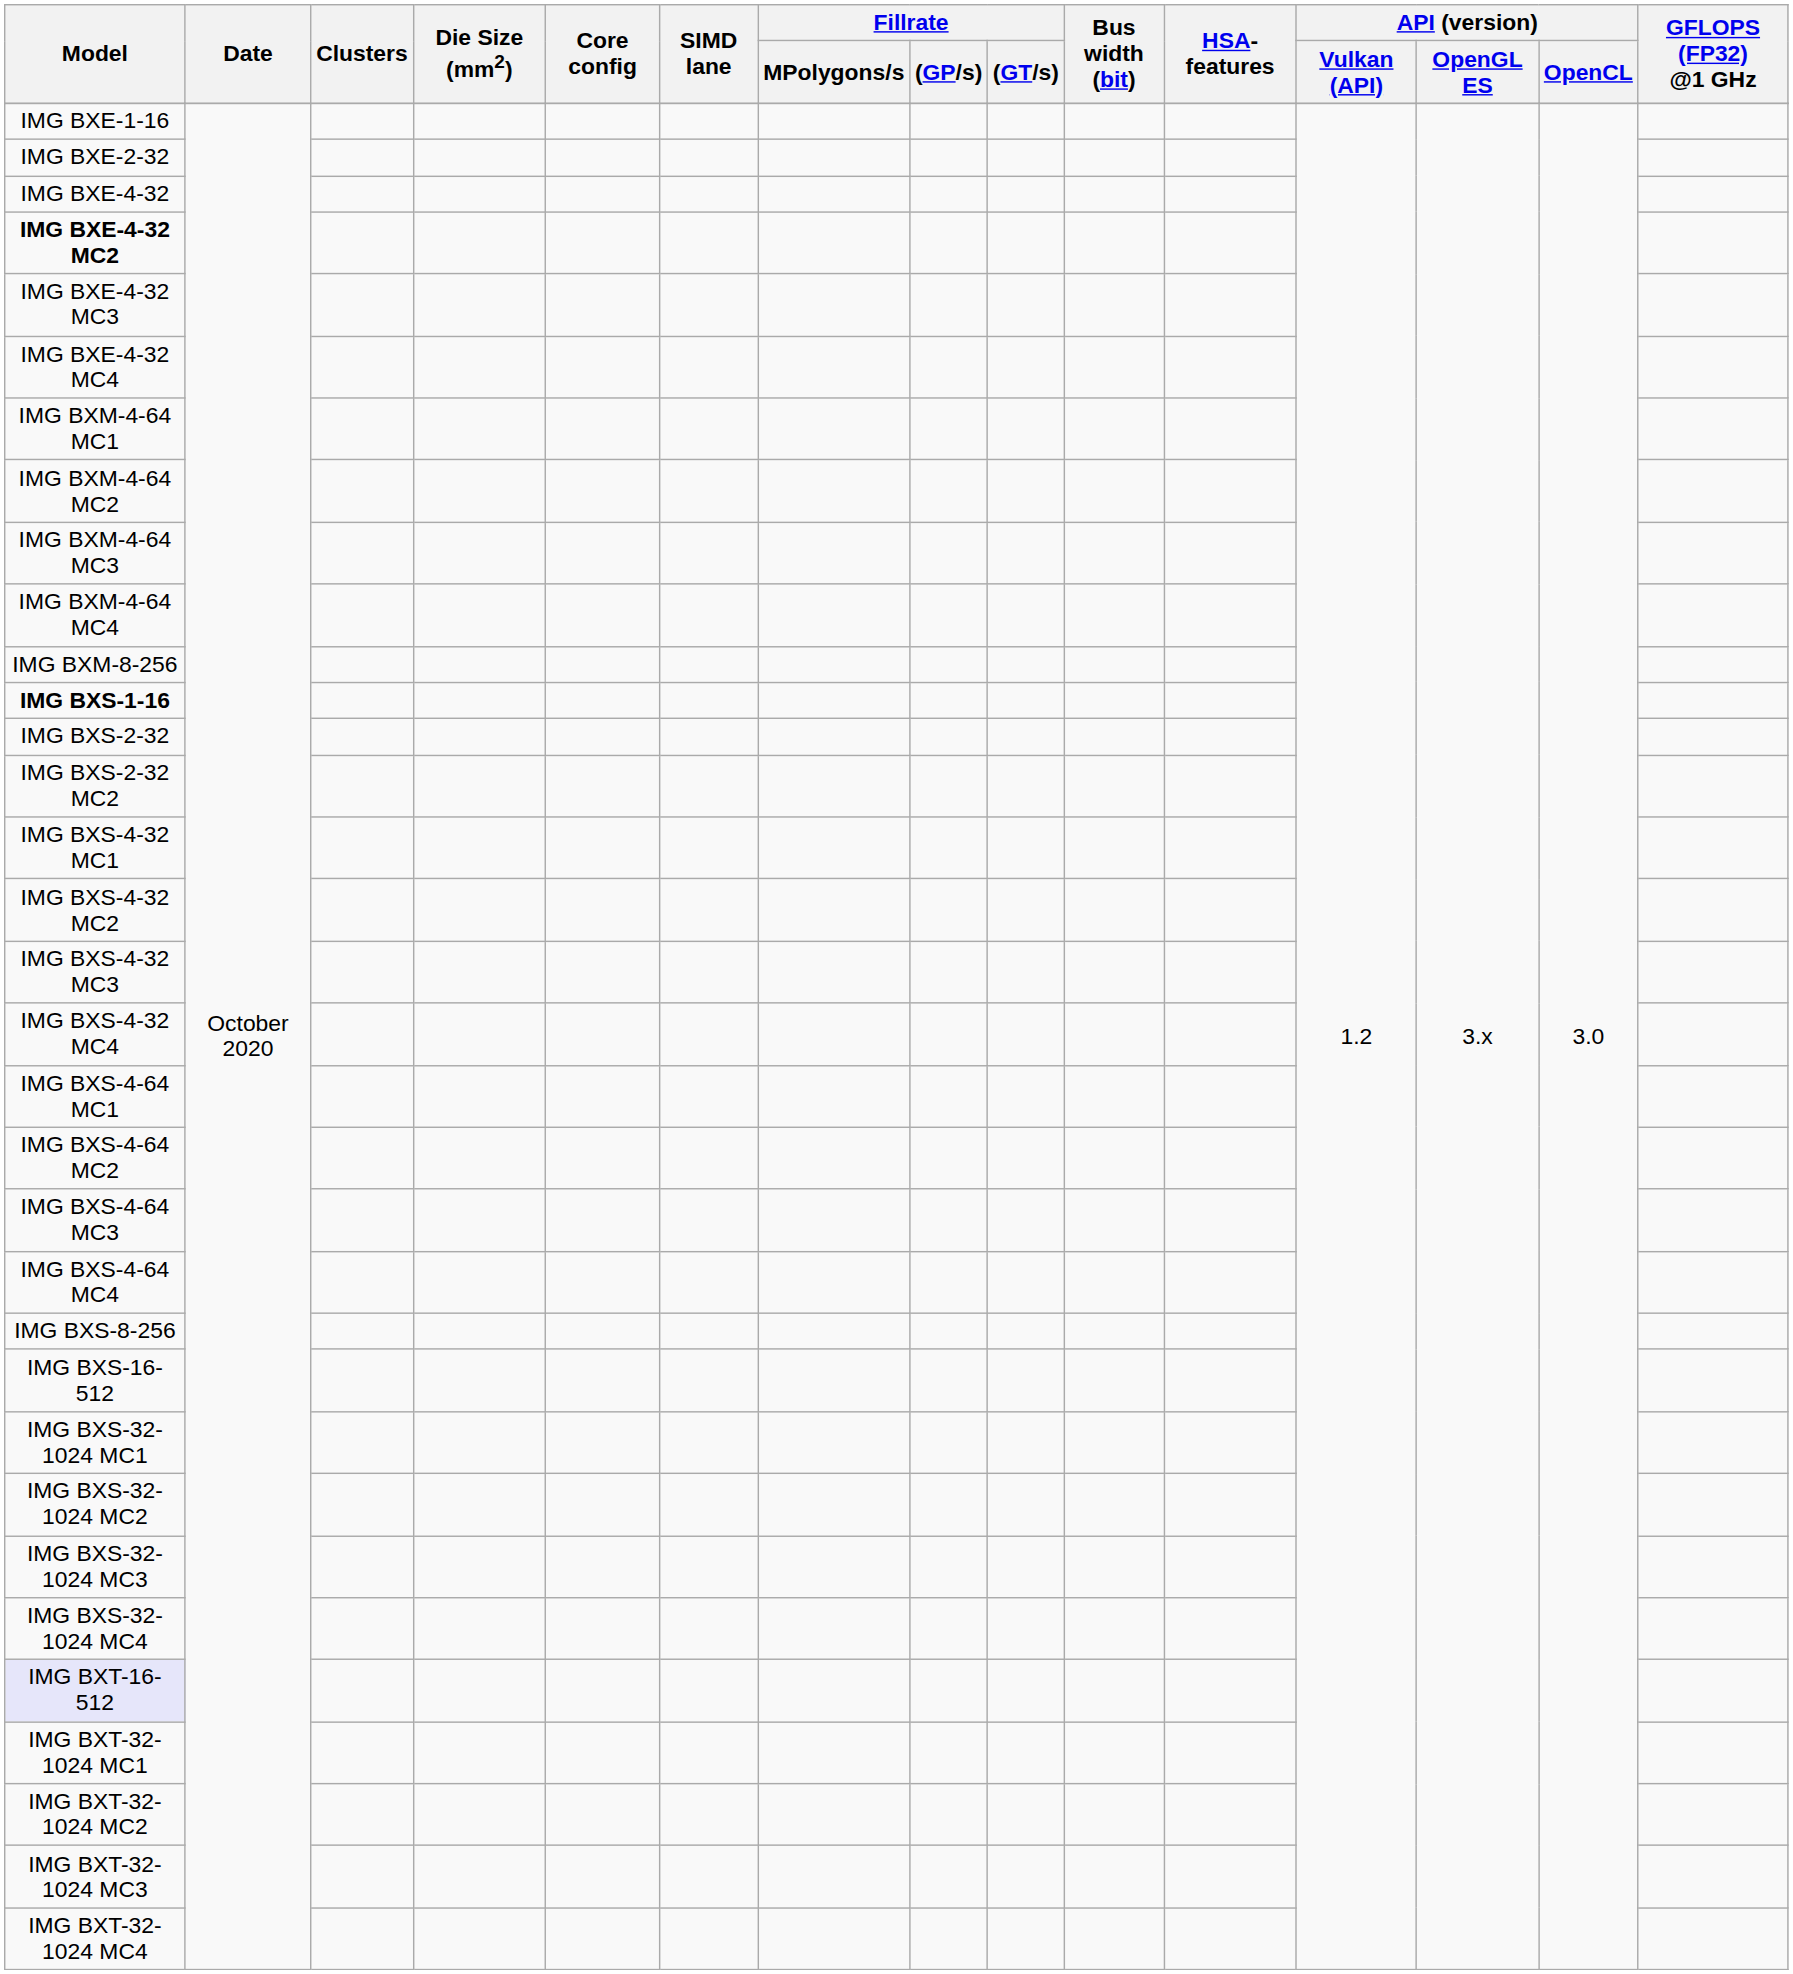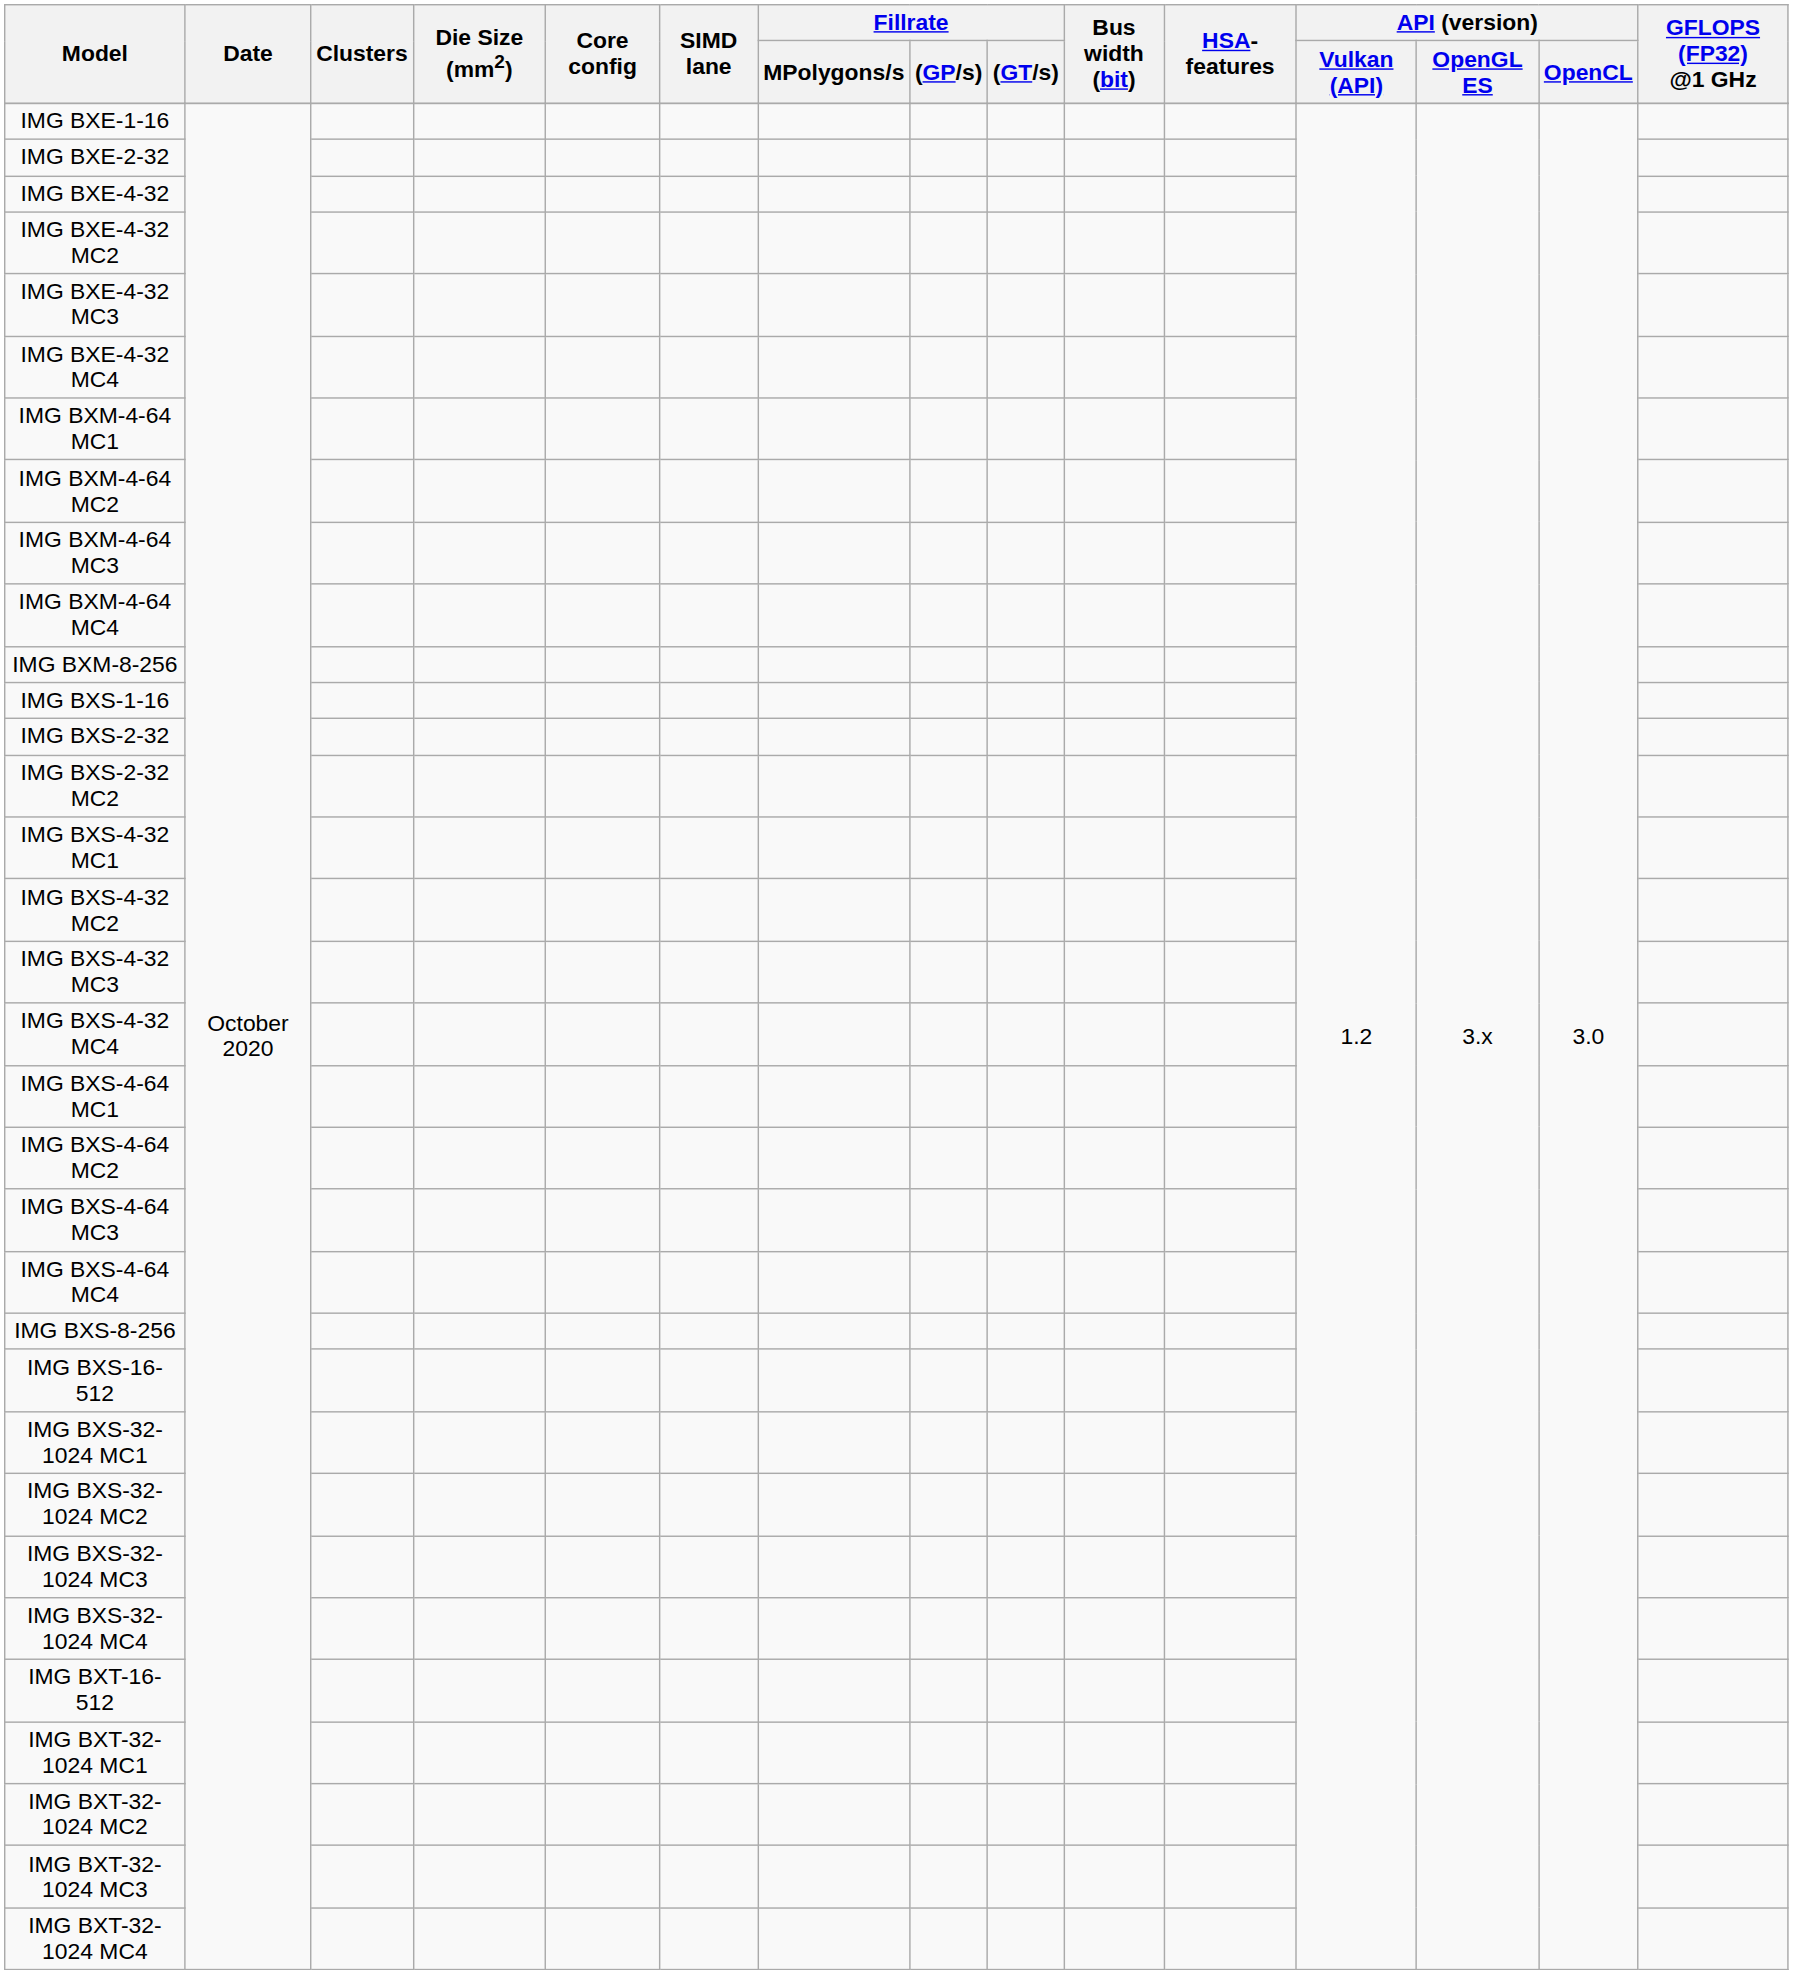 <table class="wikitable" style="text-align: center;">
 <tr>
 <th rowspan="2">Model</th>
 <th rowspan="2">Date</th>
 <th rowspan="2">Clusters</th>
 <th rowspan="2">Die Size (mm<sup>2</sup>)</th>
 <th rowspan="2">Core config</th>
 <th rowspan="2">SIMD lane</th>
 <th colspan="3"><a href='#'>Fillrate</a></th>
 <th rowspan="2">Bus width<br>(<a href='#'>bit</a>)</th>
 <th rowspan="2"><a href='#'>HSA</a>-features</th>
 <th colspan="3"><a href='#'>API</a> (version)</th>
 <th rowspan="2"><a href='#'>GFLOPS (FP32)</a><br>@1 GHz</th>
 </tr>
 <tr>
 <th>MPolygons/s</th>
 <th>(<a href='#'>GP</a>/s)</th>
 <th>(<a href='#'>GT</a>/s)</th>
 <th><a href='#'>Vulkan (API)</a></th>
 <th><a href='#'>OpenGL ES</a></th>
 <th><a href='#'>OpenCL</a></th>
 </tr>
 <tr>
 </tr>
 <tr>
 <td>IMG BXE-1-16</td>
 <td rowspan="33">October 2020</td>
 <td></td>
 <td></td>
 <td></td>
 <td></td>
 <td></td>
 <td></td>
 <td></td>
 <td></td>
 <td></td>
 <td rowspan="33">1.2</td>
 <td rowspan="33">3.x</td>
 <td rowspan="33">3.0</td>
 <td></td>
 </tr>
 <tr>
 <td>IMG BXE-2-32</td>
 <td></td>
 <td></td>
 <td></td>
 <td></td>
 <td></td>
 <td></td>
 <td></td>
 <td></td>
 <td></td>
 <td></td>
 </tr>
 <tr>
 <td>IMG BXE-4-32</td>
 <td></td>
 <td></td>
 <td></td>
 <td></td>
 <td></td>
 <td></td>
 <td></td>
 <td></td>
 <td></td>
 <td></td>
 </tr>
 <tr>
-<td><strong>IMG BXE-4-32 MC2</strong></td>
+<td>IMG BXE-4-32 MC2</td>
 <td></td>
 <td></td>
 <td></td>
 <td></td>
 <td></td>
 <td></td>
 <td></td>
 <td></td>
 <td></td>
 <td></td>
 </tr>
 <tr>
 <td>IMG BXE-4-32 MC3</td>
 <td></td>
 <td></td>
 <td></td>
 <td></td>
 <td></td>
 <td></td>
 <td></td>
 <td></td>
 <td></td>
 <td></td>
 </tr>
 <tr>
 <td>IMG BXE-4-32 MC4</td>
 <td></td>
 <td></td>
 <td></td>
 <td></td>
 <td></td>
 <td></td>
 <td></td>
 <td></td>
 <td></td>
 <td></td>
 </tr>
 <tr>
 <td>IMG BXM-4-64 MC1</td>
 <td></td>
 <td></td>
 <td></td>
 <td></td>
 <td></td>
 <td></td>
 <td></td>
 <td></td>
 <td></td>
 <td></td>
 </tr>
 <tr>
 <td>IMG BXM-4-64 MC2</td>
 <td></td>
 <td></td>
 <td></td>
 <td></td>
 <td></td>
 <td></td>
 <td></td>
 <td></td>
 <td></td>
 <td></td>
 </tr>
 <tr>
 <td>IMG BXM-4-64 MC3</td>
 <td></td>
 <td></td>
 <td></td>
 <td></td>
 <td></td>
 <td></td>
 <td></td>
 <td></td>
 <td></td>
 <td></td>
 </tr>
 <tr>
 <td>IMG BXM-4-64 MC4</td>
 <td></td>
 <td></td>
 <td></td>
 <td></td>
 <td></td>
 <td></td>
 <td></td>
 <td></td>
 <td></td>
 <td></td>
 </tr>
 <tr>
 <td>IMG BXM-8-256</td>
 <td></td>
 <td></td>
 <td></td>
 <td></td>
 <td></td>
 <td></td>
 <td></td>
 <td></td>
 <td></td>
 <td></td>
 </tr>
 <tr>
-<td><strong>IMG BXS-1-16</strong></td>
+<td>IMG BXS-1-16</td>
 <td></td>
 <td></td>
 <td></td>
 <td></td>
 <td></td>
 <td></td>
 <td></td>
 <td></td>
 <td></td>
 <td></td>
 </tr>
 <tr>
 <td>IMG BXS-2-32</td>
 <td></td>
 <td></td>
 <td></td>
 <td></td>
 <td></td>
 <td></td>
 <td></td>
 <td></td>
 <td></td>
 <td></td>
 </tr>
 <tr>
 <td>IMG BXS-2-32 MC2</td>
 <td></td>
 <td></td>
 <td></td>
 <td></td>
 <td></td>
 <td></td>
 <td></td>
 <td></td>
 <td></td>
 <td></td>
 </tr>
 <tr>
 <td>IMG BXS-4-32 MC1</td>
 <td></td>
 <td></td>
 <td></td>
 <td></td>
 <td></td>
 <td></td>
 <td></td>
 <td></td>
 <td></td>
 <td></td>
 </tr>
 <tr>
 <td>IMG BXS-4-32 MC2</td>
 <td></td>
 <td></td>
 <td></td>
 <td></td>
 <td></td>
 <td></td>
 <td></td>
 <td></td>
 <td></td>
 <td></td>
 </tr>
 <tr>
 <td>IMG BXS-4-32 MC3</td>
 <td></td>
 <td></td>
 <td></td>
 <td></td>
 <td></td>
 <td></td>
 <td></td>
 <td></td>
 <td></td>
 <td></td>
 </tr>
 <tr>
 <td>IMG BXS-4-32 MC4</td>
 <td></td>
 <td></td>
 <td></td>
 <td></td>
 <td></td>
 <td></td>
 <td></td>
 <td></td>
 <td></td>
 <td></td>
 </tr>
 <tr>
 <td>IMG BXS-4-64 MC1</td>
 <td></td>
 <td></td>
 <td></td>
 <td></td>
 <td></td>
 <td></td>
 <td></td>
 <td></td>
 <td></td>
 <td></td>
 </tr>
 <tr>
 <td>IMG BXS-4-64 MC2</td>
 <td></td>
 <td></td>
 <td></td>
 <td></td>
 <td></td>
 <td></td>
 <td></td>
 <td></td>
 <td></td>
 <td></td>
 </tr>
 <tr>
 <td>IMG BXS-4-64 MC3</td>
 <td></td>
 <td></td>
 <td></td>
 <td></td>
 <td></td>
 <td></td>
 <td></td>
 <td></td>
 <td></td>
 <td></td>
 </tr>
 <tr>
 <td>IMG BXS-4-64 MC4</td>
 <td></td>
 <td></td>
 <td></td>
 <td></td>
 <td></td>
 <td></td>
 <td></td>
 <td></td>
 <td></td>
 <td></td>
 </tr>
 <tr>
 <td>IMG BXS-8-256</td>
 <td></td>
 <td></td>
 <td></td>
 <td></td>
 <td></td>
 <td></td>
 <td></td>
 <td></td>
 <td></td>
 <td></td>
 </tr>
 <tr>
 <td>IMG BXS-16-512</td>
 <td></td>
 <td></td>
 <td></td>
 <td></td>
 <td></td>
 <td></td>
 <td></td>
 <td></td>
 <td></td>
 <td></td>
 </tr>
 <tr>
 <td>IMG BXS-32-1024 MC1</td>
 <td></td>
 <td></td>
 <td></td>
 <td></td>
 <td></td>
 <td></td>
 <td></td>
 <td></td>
 <td></td>
 <td></td>
 </tr>
 <tr>
 <td>IMG BXS-32-1024 MC2</td>
 <td></td>
 <td></td>
 <td></td>
 <td></td>
 <td></td>
 <td></td>
 <td></td>
 <td></td>
 <td></td>
 <td></td>
 </tr>
 <tr>
 <td>IMG BXS-32-1024 MC3</td>
 <td></td>
 <td></td>
 <td></td>
 <td></td>
 <td></td>
 <td></td>
 <td></td>
 <td></td>
 <td></td>
 <td></td>
 </tr>
 <tr>
 <td>IMG BXS-32-1024 MC4</td>
 <td></td>
 <td></td>
 <td></td>
 <td></td>
 <td></td>
 <td></td>
 <td></td>
 <td></td>
 <td></td>
 <td></td>
 </tr>
 <tr>
-<td style="background: lavender;">IMG BXT-16-512</td>
+<td>IMG BXT-16-512</td>
 <td></td>
 <td></td>
 <td></td>
 <td></td>
 <td></td>
 <td></td>
 <td></td>
 <td></td>
 <td></td>
 <td></td>
 </tr>
 <tr>
 <td>IMG BXT-32-1024 MC1</td>
 <td></td>
 <td></td>
 <td></td>
 <td></td>
 <td></td>
 <td></td>
 <td></td>
 <td></td>
 <td></td>
 <td></td>
 </tr>
 <tr>
 <td>IMG BXT-32-1024 MC2</td>
 <td></td>
 <td></td>
 <td></td>
 <td></td>
 <td></td>
 <td></td>
 <td></td>
 <td></td>
 <td></td>
 <td></td>
 </tr>
 <tr>
 <td>IMG BXT-32-1024 MC3</td>
 <td></td>
 <td></td>
 <td></td>
 <td></td>
 <td></td>
 <td></td>
 <td></td>
 <td></td>
 <td></td>
 <td></td>
 </tr>
 <tr>
 <td>IMG BXT-32-1024 MC4</td>
 <td></td>
 <td></td>
 <td></td>
 <td></td>
 <td></td>
 <td></td>
 <td></td>
 <td></td>
 <td></td>
 <td></td>
 </tr>
 </table>
